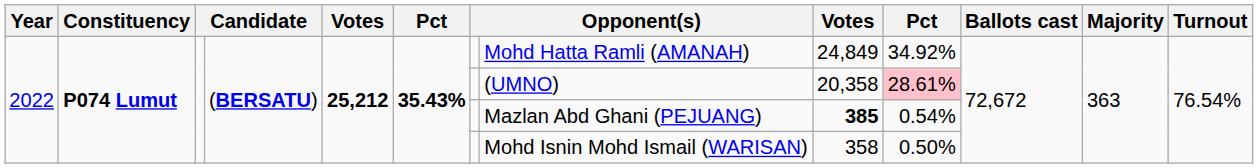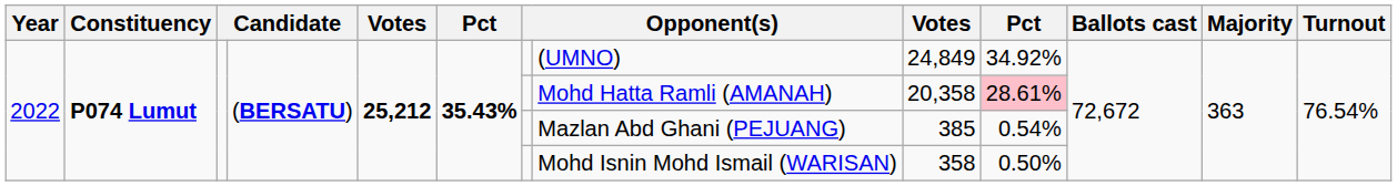 <table class="wikitable" style="margin:0.5em ; font-size:95%">
 <tr>
 <th>Year</th>
 <th>Constituency</th>
 <th colspan=2>Candidate</th>
 <th>Votes</th>
 <th>Pct</th>
 <th colspan=2>Opponent(s)</th>
 <th>Votes</th>
 <th>Pct</th>
 <th>Ballots cast</th>
 <th>Majority</th>
 <th>Turnout</th>
 </tr>
 <tr>
 <td rowspan=4><a href='#'>2022</a></td>
 <td rowspan=4><strong>P074 <a href='#'>Lumut</a></strong></td>
 <td rowspan=4 bgcolor=></td>
 <td rowspan=4> (<a href='#'><strong>BERSATU</strong></a>)</td>
 <td rowspan=4 align=right><strong>25,212</strong></td>
 <td rowspan=4><strong>35.43%</strong></td>
 <td></td>
-<td><a href='#'>Mohd Hatta Ramli</a> (<a href='#'>AMANAH</a>)</td>
+<td> (<a href='#'>UMNO</a>)</td>
 <td align=right>24,849</td>
 <td>34.92%</td>
 <td rowspan=4>72,672</td>
 <td rowspan=4>363</td>
 <td rowspan=4>76.54%</td>
 </tr>
 <tr>
 <td></td>
-<td> (<a href='#'>UMNO</a>)</td>
+<td><a href='#'>Mohd Hatta Ramli</a> (<a href='#'>AMANAH</a>)</td>
 <td align=right>20,358</td>
 <td style="background: pink;">28.61%</td>
 </tr>
 <tr>
 <td bgcolor=></td>
 <td>Mazlan Abd Ghani (<a href='#'>PEJUANG</a>)</td>
-<td align=right><strong>385</strong></td>
+<td align=right>385</td>
 <td align=right>0.54%</td>
 </tr>
 <tr>
 <td></td>
 <td>Mohd Isnin Mohd Ismail (<a href='#'>WARISAN</a>)</td>
 <td align=right>358</td>
 <td align=right>0.50%</td>
 </tr>
 </table>
